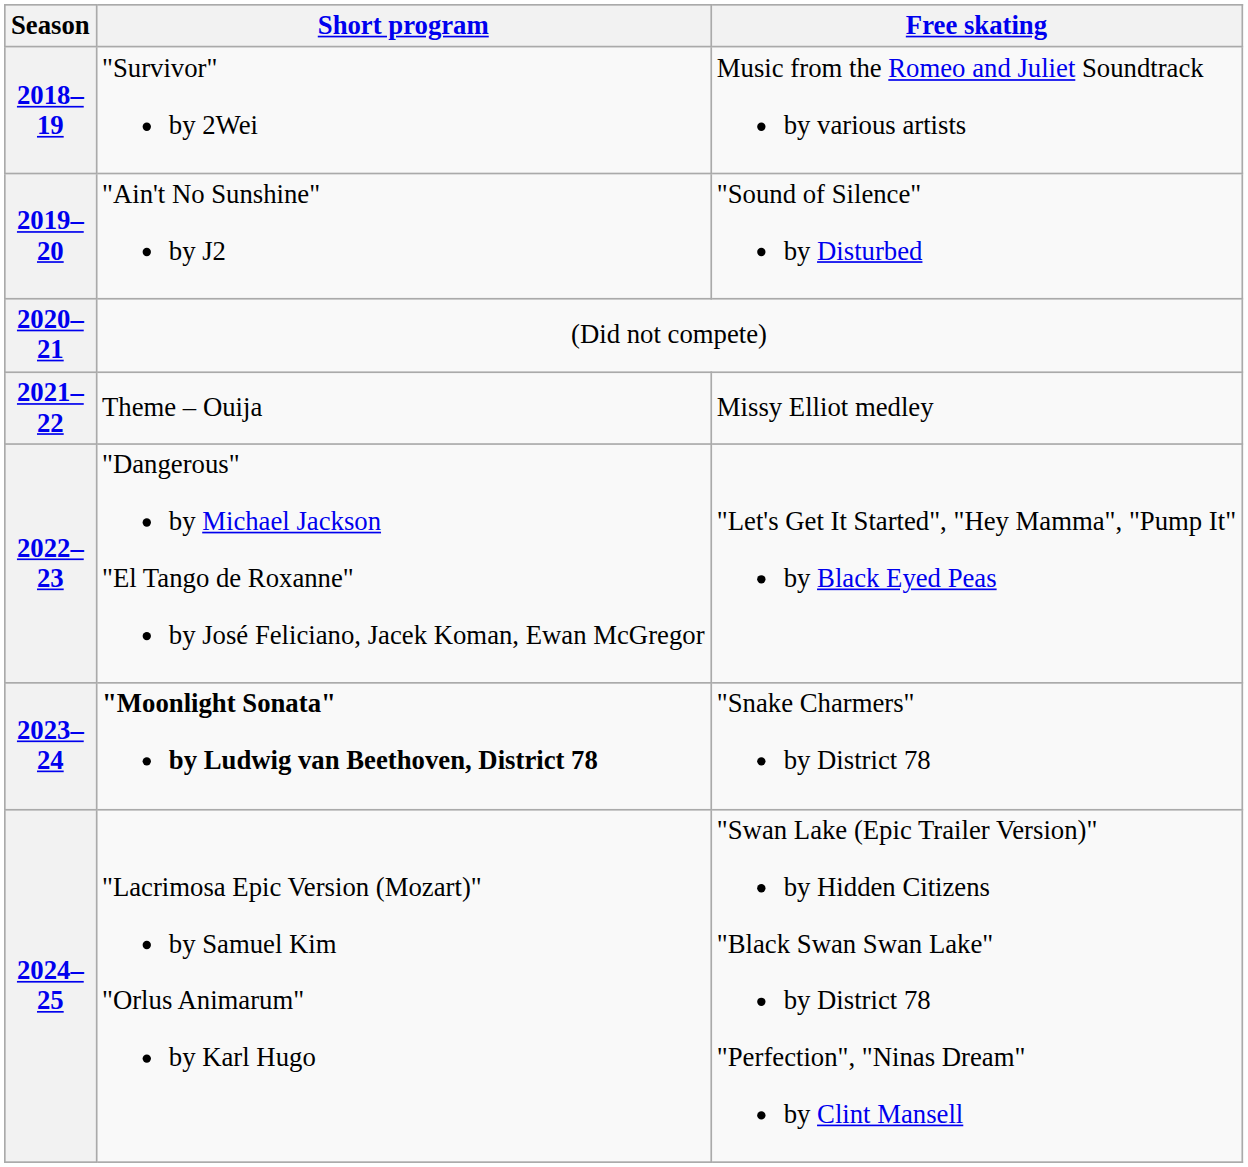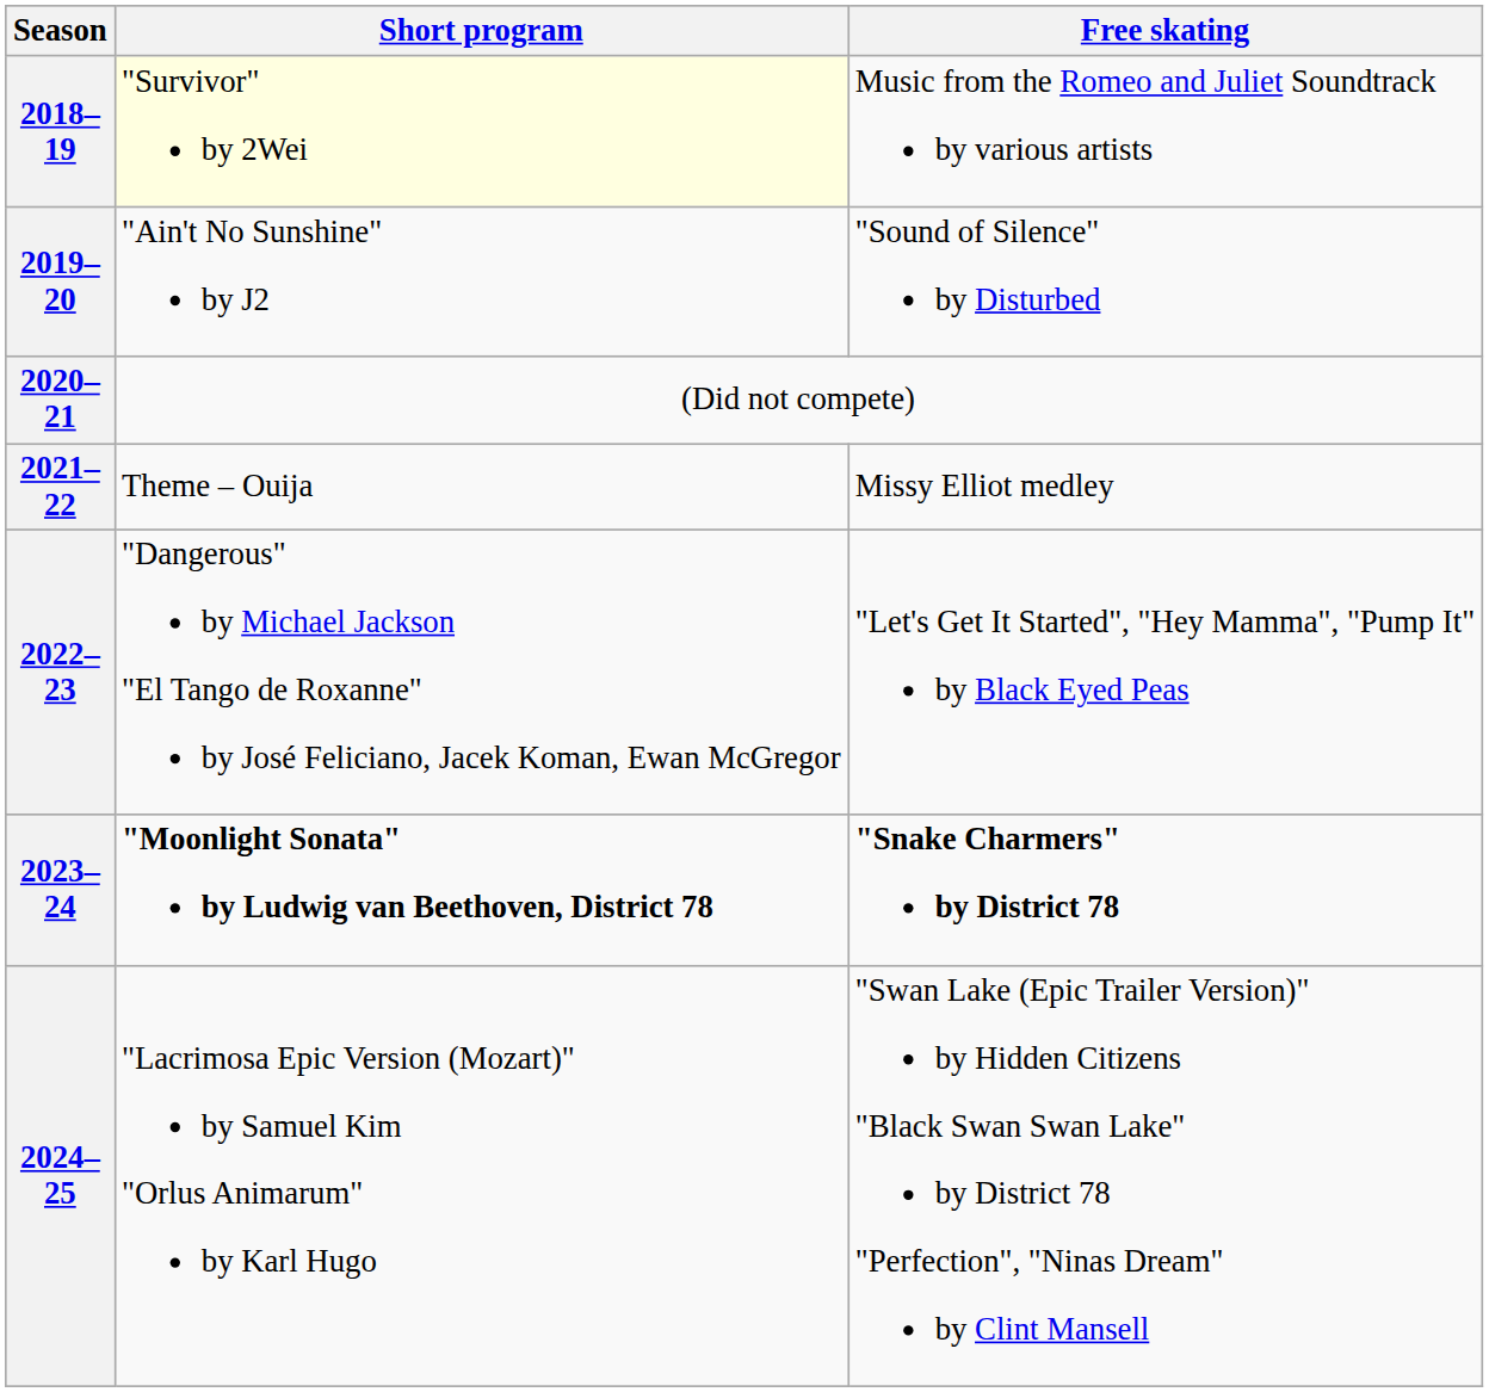 <table class="wikitable">
 <tr>
 <th scope="col" width="20px">Season</th>
 <th scope="col"><a href='#'>Short program</a></th>
 <th scope="col"><a href='#'>Free skating</a></th>
 </tr>
 <tr>
 <th scope="row"><a href='#'>2018–19</a></th>
-<td>"Survivor"<br><ul><li>by 2Wei</li></ul></td>
+<td style="background: lightyellow;">"Survivor"<br><ul><li>by 2Wei</li></ul></td>
 <td>Music from the <a href='#'>Romeo and Juliet</a> Soundtrack<br><ul><li>by various artists</li></ul></td>
 </tr>
 <tr>
 <th scope="row"><a href='#'>2019–20</a></th>
 <td>"Ain't No Sunshine"<br><ul><li>by J2</li></ul></td>
 <td>"Sound of Silence"<br><ul><li>by <a href='#'>Disturbed</a></li></ul></td>
 </tr>
 <tr>
 <th scope="row"><a href='#'>2020–21</a></th>
 <td colspan="2" align="center">(Did not compete)</td>
 </tr>
 <tr>
 <th><a href='#'>2021–22</a></th>
 <td>Theme – Ouija</td>
 <td>Missy Elliot medley</td>
 </tr>
 <tr>
 <th><a href='#'>2022–23</a></th>
 <td>"Dangerous"<br><ul><li>by <a href='#'>Michael Jackson</a></li></ul>"El Tango de Roxanne"<ul><li>by José Feliciano, Jacek Koman, Ewan McGregor</li></ul></td>
 <td>"Let's Get It Started", "Hey Mamma", "Pump It"<br><ul><li>by <a href='#'>Black Eyed Peas</a></li></ul></td>
 </tr>
 <tr>
 <th><a href='#'>2023–24</a></th>
 <td><strong>"Moonlight Sonata"<br><ul><li>by Ludwig van Beethoven, District 78</li></ul></strong></td>
-<td>"Snake Charmers"<br><ul><li>by District 78</li></ul></td>
+<td><strong>"Snake Charmers"<br><ul><li>by District 78</li></ul></strong></td>
 </tr>
 <tr>
 <th><a href='#'>2024–25</a></th>
 <td>"Lacrimosa Epic Version (Mozart)"<br><ul><li>by Samuel Kim</li></ul>"Orlus Animarum"<ul><li>by Karl Hugo</li></ul></td>
 <td>"Swan Lake (Epic Trailer Version)"<br><ul><li>by Hidden Citizens</li></ul>"Black Swan Swan Lake"<ul><li>by District 78</li></ul>"Perfection", "Ninas Dream"<ul><li>by <a href='#'>Clint Mansell</a></li></ul></td>
 </tr>
 </table>
